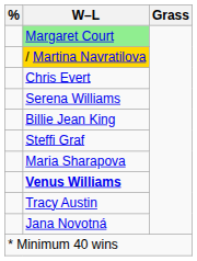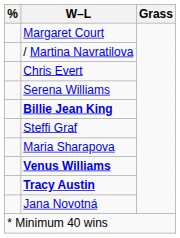 <table class="wikitable nowrap">
 <tr>
 <th>%</th>
 <th>W–L</th>
 <th>Grass</th>
 </tr>
 <tr>
 <td></td>
-<td style="background: lightgreen;"> <a href='#'>Margaret Court</a></td>
+<td> <a href='#'>Margaret Court</a></td>
 </tr>
 <tr>
 <td></td>
-<td style="background: gold;">/ <a href='#'>Martina Navratilova</a></td>
+<td>/ <a href='#'>Martina Navratilova</a></td>
 </tr>
 <tr>
 <td></td>
 <td> <a href='#'>Chris Evert</a></td>
 </tr>
 <tr>
 <td></td>
 <td> <a href='#'>Serena Williams</a></td>
 </tr>
 <tr>
 <td></td>
-<td> <a href='#'>Billie Jean King</a></td>
+<td><strong> <a href='#'>Billie Jean King</a></strong></td>
 </tr>
 <tr>
 <td></td>
 <td> <a href='#'>Steffi Graf</a></td>
 </tr>
 <tr>
 <td></td>
 <td> <a href='#'>Maria Sharapova</a></td>
 </tr>
 <tr>
 <td></td>
 <td> <strong><a href='#'>Venus Williams</a></strong></td>
 </tr>
 <tr>
 <td></td>
-<td> <a href='#'>Tracy Austin</a></td>
+<td><strong> <a href='#'>Tracy Austin</a></strong></td>
 </tr>
 <tr>
 <td></td>
 <td> <a href='#'>Jana Novotná</a></td>
 </tr>
 <tr>
 <td colspan="3">* Minimum 40 wins</td>
 </tr>
 </table>
